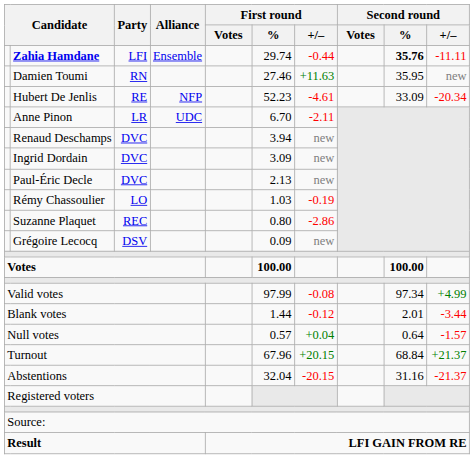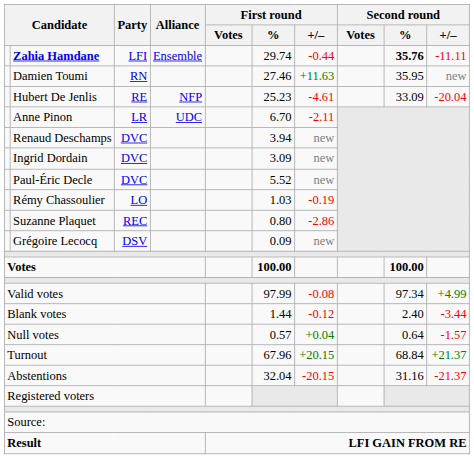 <table class="wikitable" style="text-align:right;font-size:95%;">
 <tr>
 <th rowspan="2" colspan="2">Candidate</th>
 <th colspan="1" rowspan="2">Party</th>
 <th colspan="1" rowspan="2">Alliance</th>
 <th colspan="3">First round</th>
 <th colspan="3">Second round</th>
 </tr>
 <tr>
 <th style="width:50px;">Votes</th>
 <th style="width:45px;">%</th>
 <th style="width:45px;">+/–</th>
 <th style="width:50px;">Votes</th>
 <th style="width:45px;">%</th>
 <th style="width:45px;">+/–</th>
 </tr>
 <tr>
 <td style="background:"></td>
 <td style="text-align:left;"><strong><a href='#'>Zahia Hamdane</a></strong></td>
 <td><a href='#'>LFI</a></td>
 <td><a href='#'>Ensemble</a></td>
 <td></td>
 <td>29.74</td>
 <td style="color:red;">-0.44</td>
 <td><strong></strong></td>
 <td><strong>35.76</strong></td>
 <td style="color:red;">-11.11</td>
 </tr>
 <tr>
 <td style="background:"></td>
 <td style="text-align:left;">Damien Toumi</td>
 <td><a href='#'>RN</a></td>
 <td></td>
 <td></td>
 <td>27.46</td>
 <td style="color:green;">+11.63</td>
 <td></td>
 <td>35.95</td>
 <td style="color:grey;">new</td>
 </tr>
 <tr>
 <td style="background:"></td>
 <td style="text-align:left;">Hubert De Jenlis</td>
 <td><a href='#'>RE</a></td>
 <td><a href='#'>NFP</a></td>
 <td></td>
-<td>52.23</td>
+<td>25.23</td>
 <td style="color:red;">-4.61</td>
 <td></td>
 <td>33.09</td>
-<td style="color:red;">-20.34</td>
+<td style="color:red;">-20.04</td>
 </tr>
 <tr>
 <td style="background:"></td>
 <td style="text-align:left;">Anne Pinon</td>
 <td><a href='#'>LR</a></td>
 <td><a href='#'>UDC</a></td>
 <td></td>
 <td>6.70</td>
 <td style="color:red;">-2.11</td>
 <td colspan="3" rowspan="7" style="background:#E9E9E9;"></td>
 </tr>
 <tr>
 <td style="background:"></td>
 <td style="text-align:left;">Renaud Deschamps</td>
 <td><a href='#'>DVC</a></td>
 <td></td>
 <td></td>
 <td>3.94</td>
 <td style="color:grey;">new</td>
 </tr>
 <tr>
 <td style="background:"></td>
 <td style="text-align:left;">Ingrid Dordain</td>
 <td><a href='#'>DVC</a></td>
 <td></td>
 <td></td>
 <td>3.09</td>
 <td style="color:grey;">new</td>
 </tr>
 <tr>
 <td style="background:"></td>
 <td style="text-align:left;">Paul-Éric Decle</td>
 <td><a href='#'>DVC</a></td>
 <td></td>
 <td></td>
-<td>2.13</td>
+<td>5.52</td>
 <td style="color:grey;">new</td>
 </tr>
 <tr>
 <td style="background:"></td>
 <td style="text-align:left;">Rémy Chassoulier</td>
 <td><a href='#'>LO</a></td>
 <td></td>
 <td></td>
 <td>1.03</td>
 <td style="color:red;">-0.19</td>
 </tr>
 <tr>
 <td style="background:"></td>
 <td style="text-align:left;">Suzanne Plaquet</td>
 <td><a href='#'>REC</a></td>
 <td></td>
 <td></td>
 <td>0.80</td>
 <td style="color:red;">-2.86</td>
 </tr>
 <tr>
 <td style="background:"></td>
 <td style="text-align:left;">Grégoire Lecocq</td>
 <td><a href='#'>DSV</a></td>
 <td></td>
 <td></td>
 <td>0.09</td>
 <td style="color:grey;">new</td>
 </tr>
 <tr>
 <td colspan="10" style="background:#E9E9E9;"></td>
 </tr>
 <tr style="font-weight:bold;">
 <td colspan="4" style="text-align:left;">Votes</td>
 <td></td>
 <td>100.00</td>
 <td></td>
 <td></td>
 <td>100.00</td>
 <td></td>
 </tr>
 <tr>
 <td colspan="10" style="background:#E9E9E9;"></td>
 </tr>
 <tr>
 <td colspan="4" style="text-align:left;">Valid votes</td>
 <td></td>
 <td>97.99</td>
 <td style="color:red;">-0.08</td>
 <td></td>
 <td>97.34</td>
 <td style="color:green;">+4.99</td>
 </tr>
 <tr>
 <td colspan="4" style="text-align:left;">Blank votes</td>
 <td></td>
 <td>1.44</td>
 <td style="color:red;">-0.12</td>
 <td></td>
-<td>2.01</td>
+<td>2.40</td>
 <td style="color:red;">-3.44</td>
 </tr>
 <tr>
 <td colspan="4" style="text-align:left;">Null votes</td>
 <td></td>
 <td>0.57</td>
 <td style="color:green;">+0.04</td>
 <td></td>
 <td>0.64</td>
 <td style="color:red;">-1.57</td>
 </tr>
 <tr>
 <td colspan="4" style="text-align:left;">Turnout</td>
 <td></td>
 <td>67.96</td>
 <td style="color:green;">+20.15</td>
 <td></td>
 <td>68.84</td>
 <td style="color:green;">+21.37</td>
 </tr>
 <tr>
 <td colspan="4" style="text-align:left;">Abstentions</td>
 <td></td>
 <td>32.04</td>
 <td style="color:red;">-20.15</td>
 <td></td>
 <td>31.16</td>
 <td style="color:red;">-21.37</td>
 </tr>
 <tr>
 <td colspan="4" style="text-align:left;">Registered voters</td>
 <td></td>
 <td colspan="2" style="background:#E9E9E9;"></td>
 <td></td>
 <td colspan="2" style="background:#E9E9E9;"></td>
 </tr>
 <tr>
 <td colspan="10" style="background:#E9E9E9;"></td>
 </tr>
 <tr>
 <td colspan="10" style="text-align:left;">Source: </td>
 </tr>
 <tr style="font-weight:bold">
 <td colspan="4" style="text-align:left;">Result</td>
 <td colspan="6" style="background-color:">LFI GAIN FROM RE</td>
 </tr>
 </table>
